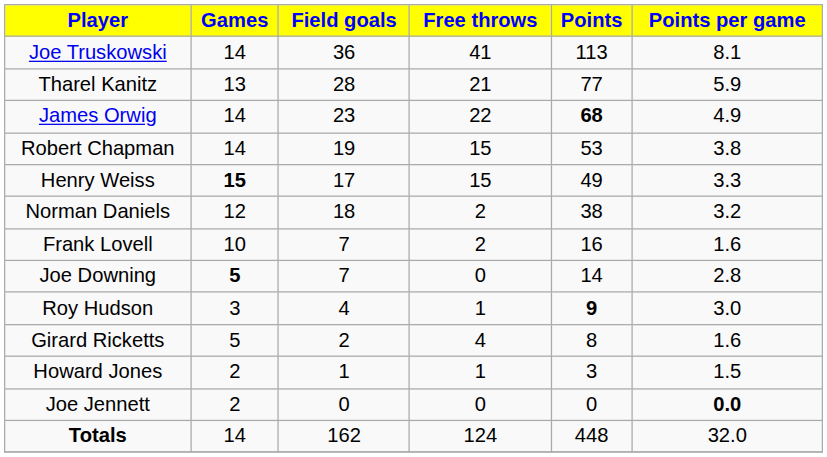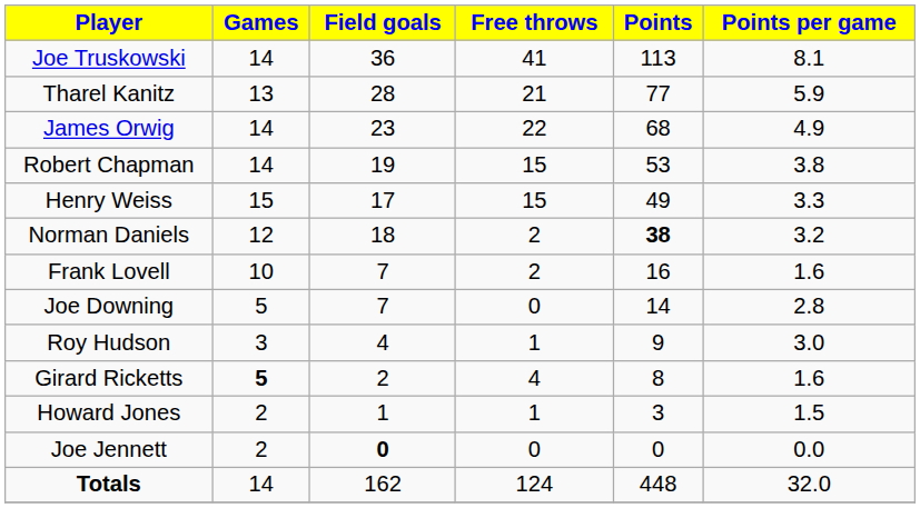 <table class="wikitable" width="650">
 <tr align="center"  style="background:yellow;color:blue;">
 <td><strong>Player</strong></td>
 <td><strong>Games</strong></td>
 <td><strong>Field goals</strong></td>
 <td><strong>Free throws</strong></td>
 <td><strong>Points</strong></td>
 <td><strong>Points per game</strong></td>
 </tr>
 <tr align="center" bgcolor="">
 <td><a href='#'>Joe Truskowski</a></td>
 <td>14</td>
 <td>36</td>
 <td>41</td>
 <td>113</td>
 <td>8.1</td>
 </tr>
 <tr align="center" bgcolor="">
 <td>Tharel Kanitz</td>
 <td>13</td>
 <td>28</td>
 <td>21</td>
 <td>77</td>
 <td>5.9</td>
 </tr>
 <tr align="center" bgcolor="">
 <td><a href='#'>James Orwig</a></td>
 <td>14</td>
 <td>23</td>
 <td>22</td>
-<td><strong>68</strong></td>
+<td>68</td>
 <td>4.9</td>
 </tr>
 <tr align="center" bgcolor="">
 <td>Robert Chapman</td>
 <td>14</td>
 <td>19</td>
 <td>15</td>
 <td>53</td>
 <td>3.8</td>
 </tr>
 <tr align="center" bgcolor="">
 <td>Henry Weiss</td>
-<td><strong>15</strong></td>
+<td>15</td>
 <td>17</td>
 <td>15</td>
 <td>49</td>
 <td>3.3</td>
 </tr>
 <tr align="center" bgcolor="">
 <td>Norman Daniels</td>
 <td>12</td>
 <td>18</td>
 <td>2</td>
-<td>38</td>
+<td><strong>38</strong></td>
 <td>3.2</td>
 </tr>
 <tr align="center" bgcolor="">
 <td>Frank Lovell</td>
 <td>10</td>
 <td>7</td>
 <td>2</td>
 <td>16</td>
 <td>1.6</td>
 </tr>
 <tr align="center" bgcolor="">
 <td>Joe Downing</td>
-<td><strong>5</strong></td>
+<td>5</td>
 <td>7</td>
 <td>0</td>
 <td>14</td>
 <td>2.8</td>
 </tr>
 <tr align="center" bgcolor="">
 <td>Roy Hudson</td>
 <td>3</td>
 <td>4</td>
 <td>1</td>
-<td><strong>9</strong></td>
+<td>9</td>
 <td>3.0</td>
 </tr>
 <tr align="center" bgcolor="">
 <td>Girard Ricketts</td>
-<td>5</td>
+<td><strong>5</strong></td>
 <td>2</td>
 <td>4</td>
 <td>8</td>
 <td>1.6</td>
 </tr>
 <tr align="center" bgcolor="">
 <td>Howard Jones</td>
 <td>2</td>
 <td>1</td>
 <td>1</td>
 <td>3</td>
 <td>1.5</td>
 </tr>
 <tr align="center" bgcolor="">
 <td>Joe Jennett</td>
 <td>2</td>
+<td><strong>0</strong></td>
 <td>0</td>
 <td>0</td>
-<td>0</td>
-<td><strong>0.0</strong></td>
+<td>0.0</td>
 </tr>
 <tr align="center" bgcolor="">
 <td><strong>Totals</strong></td>
 <td>14</td>
 <td>162</td>
 <td>124</td>
 <td>448</td>
 <td>32.0</td>
 </tr>
 <tr align="center" bgcolor="">
 </tr>
 </table>
